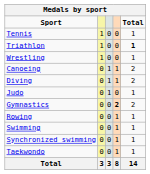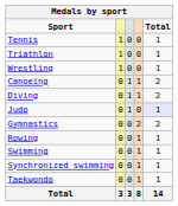 <table class="wikitable" style="font-size:85%; float:right">
 <tr bgcolor=#efefef>
 <th colspan=7><strong>Medals by sport</strong></th>
 </tr>
 <tr align=center>
 <td><strong>Sport</strong></td>
 <td bgcolor=#f7f6a8></td>
 <td bgcolor=#dce5e5></td>
 <td bgcolor=#ffdab9></td>
 <td><strong>Total</strong></td>
 </tr>
 <tr align=center>
 <td align=left><a href='#'>Tennis</a></td>
 <td bgcolor=#f7f6a8>1</td>
 <td bgcolor=#dce5e5>0</td>
 <td bgcolor=#ffdab9>0</td>
 <td>1</td>
 </tr>
 <tr align=center>
 <td align=left><a href='#'>Triathlon</a></td>
 <td bgcolor=#f7f6a8>1</td>
 <td bgcolor=#dce5e5>0</td>
 <td bgcolor=#ffdab9>0</td>
-<td><strong>1</strong></td>
+<td>1</td>
 </tr>
 <tr align=center>
 <td align=left><a href='#'>Wrestling</a></td>
 <td bgcolor=#f7f6a8>1</td>
 <td bgcolor=#dce5e5>0</td>
 <td bgcolor=#ffdab9>0</td>
 <td>1</td>
 </tr>
 <tr align=center>
 <td align=left><a href='#'>Canoeing</a></td>
 <td bgcolor=#f7f6a8>0</td>
 <td bgcolor=#dce5e5>1</td>
 <td bgcolor=#ffdab9>1</td>
 <td>2</td>
 </tr>
 <tr align=center>
 <td align=left><a href='#'>Diving</a></td>
 <td bgcolor=#f7f6a8>0</td>
 <td bgcolor=#dce5e5>1</td>
 <td bgcolor=#ffdab9>1</td>
 <td>2</td>
 </tr>
 <tr align=center>
 <td align=left><a href='#'>Judo</a></td>
 <td bgcolor=#f7f6a8>0</td>
 <td bgcolor=#dce5e5>1</td>
 <td bgcolor=#ffdab9>0</td>
-<td>1</td>
+<td style="background: lavender;">1</td>
 </tr>
 <tr align=center>
 <td align=left><a href='#'>Gymnastics</a></td>
 <td bgcolor=#f7f6a8>0</td>
 <td bgcolor=#dce5e5>0</td>
-<td bgcolor=#ffdab9><strong>2</strong></td>
+<td bgcolor=#ffdab9>2</td>
 <td>2</td>
 </tr>
 <tr align=center>
 <td align=left><a href='#'>Rowing</a></td>
 <td bgcolor=#f7f6a8>0</td>
 <td bgcolor=#dce5e5>0</td>
 <td bgcolor=#ffdab9>1</td>
 <td>1</td>
 </tr>
 <tr align=center>
 <td align=left><a href='#'>Swimming</a></td>
 <td bgcolor=#f7f6a8>0</td>
 <td bgcolor=#dce5e5>0</td>
 <td bgcolor=#ffdab9>1</td>
 <td>1</td>
 </tr>
 <tr align=center>
 <td align=left><a href='#'>Synchronized swimming</a></td>
 <td bgcolor=#f7f6a8>0</td>
 <td bgcolor=#dce5e5>0</td>
 <td bgcolor=#ffdab9>1</td>
 <td>1</td>
 </tr>
 <tr align=center>
 <td align=left><a href='#'>Taekwondo</a></td>
 <td bgcolor=#f7f6a8>0</td>
 <td bgcolor=#dce5e5>0</td>
 <td bgcolor=#ffdab9>1</td>
 <td>1</td>
 </tr>
 <tr align=center>
 <th><strong>Total</strong></th>
 <th bgcolor=#f7f6a8>3</th>
 <th bgcolor=#dce5e5>3</th>
 <th bgcolor=#ffdab9>8</th>
 <th>14</th>
 </tr>
 </table>
